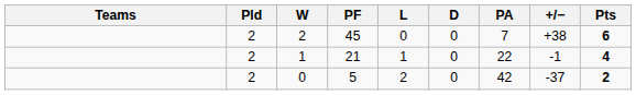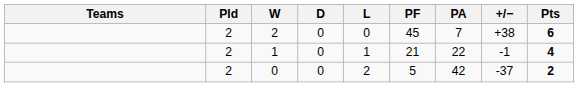 <table class="wikitable" style="text-align: center;" | width=750>
 <tr>
 <th width="200">Teams</th>
 <th width="40">Pld</th>
 <th width="40">W</th>
+<th width="40">D</th>
+<th width="40">L</th>
 <th width="40">PF</th>
-<th width="40">L</th>
-<th width="40">D</th>
 <th width="40">PA</th>
 <th width="40">+/−</th>
 <th width="40">Pts</th>
 </tr>
 <tr>
 <td align=left></td>
 <td>2</td>
 <td>2</td>
-<td>45</td>
 <td>0</td>
 <td>0</td>
+<td>45</td>
 <td>7</td>
 <td>+38</td>
 <td><strong>6</strong></td>
 </tr>
 <tr>
 <td align=left></td>
 <td>2</td>
 <td>1</td>
+<td>0</td>
+<td>1</td>
 <td>21</td>
-<td>1</td>
-<td>0</td>
 <td>22</td>
 <td>-1</td>
 <td><strong>4</strong></td>
 </tr>
 <tr>
 <td align=left></td>
 <td>2</td>
 <td>0</td>
+<td>0</td>
+<td>2</td>
 <td>5</td>
-<td>2</td>
-<td>0</td>
 <td>42</td>
 <td>-37</td>
 <td><strong>2</strong></td>
 </tr>
 </table>
